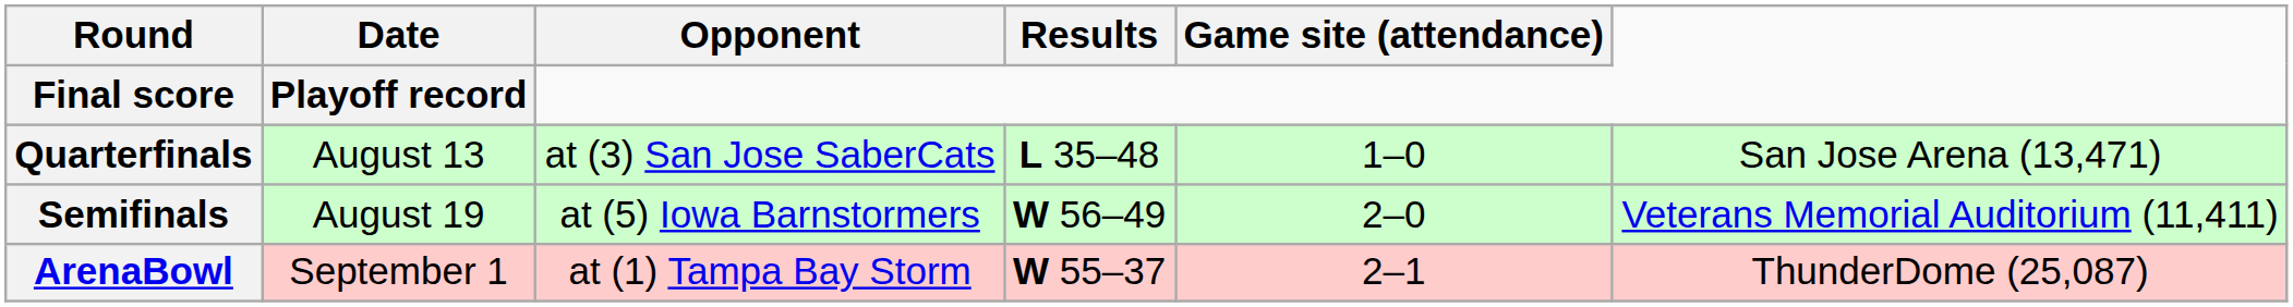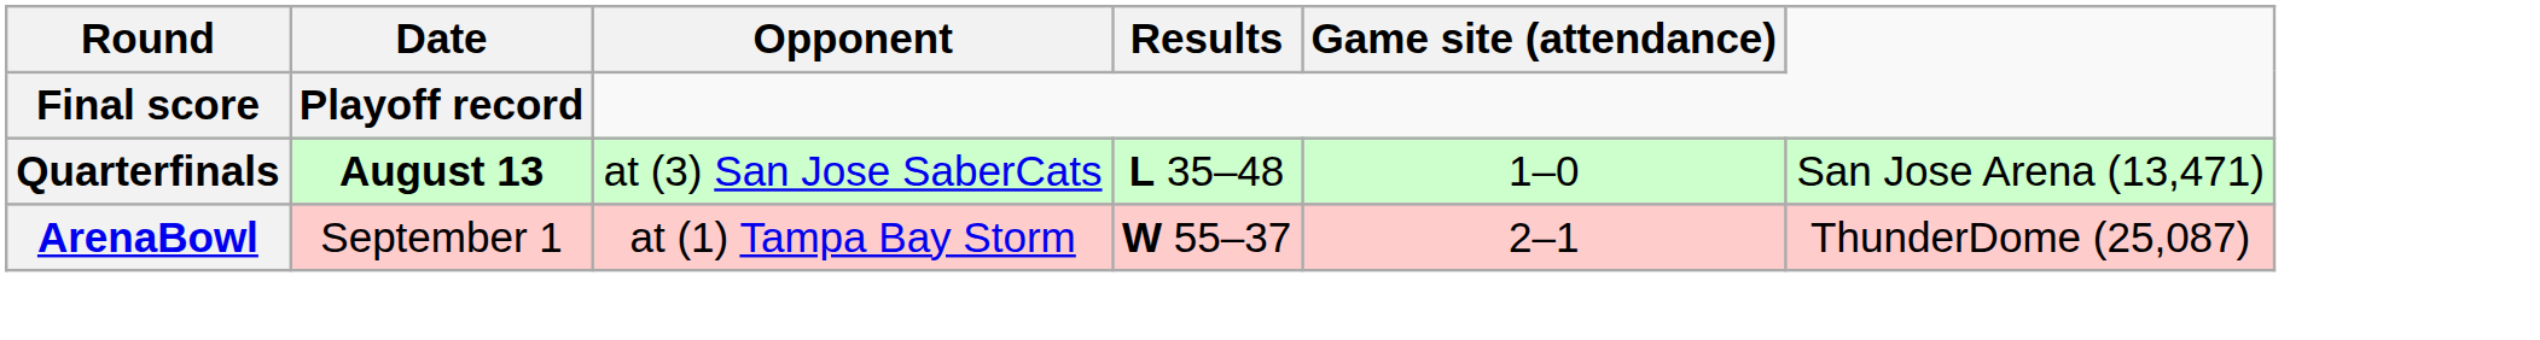 <table class="wikitable" style="font-size: 92%;" "align=center">
 <tr>
 <th>Round</th>
 <th>Date</th>
 <th>Opponent</th>
 <th>Results</th>
 <th>Game site (attendance)</th>
 </tr>
 <tr>
 <th>Final score</th>
 <th>Playoff record</th>
 </tr>
 <tr style="background:#cfc">
 <th>Quarterfinals</th>
-<td style="text-align:center;">August 13</td>
+<td style="text-align:center;"><strong>August 13</strong></td>
 <td style="text-align:center;">at (3) <a href='#'>San Jose SaberCats</a></td>
 <td style="text-align:center;"><strong>L</strong> 35–48</td>
 <td style="text-align:center;">1–0</td>
 <td style="text-align:center;">San Jose Arena (13,471)</td>
-</tr>
-<tr style="background:#cfc">
-<th>Semifinals</th>
-<td style="text-align:center;">August 19</td>
-<td style="text-align:center;">at (5) <a href='#'>Iowa Barnstormers</a></td>
-<td style="text-align:center;"><strong>W</strong> 56–49</td>
-<td style="text-align:center;">2–0</td>
-<td style="text-align:center;"><a href='#'>Veterans Memorial Auditorium</a> (11,411)</td>
 </tr>
 <tr style="background:#fcc">
 <th><a href='#'>ArenaBowl</a></th>
 <td style="text-align:center;">September 1</td>
 <td style="text-align:center;">at (1) <a href='#'>Tampa Bay Storm</a></td>
 <td style="text-align:center;"><strong>W</strong> 55–37</td>
 <td style="text-align:center;">2–1</td>
 <td style="text-align:center;">ThunderDome (25,087)</td>
 </tr>
 </table>
